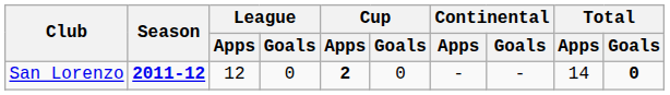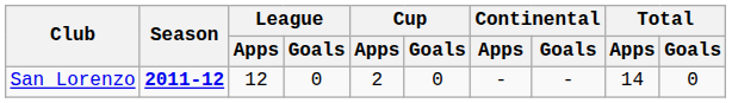 <table class="wikitable" style="font-size:95%; text-align: center;">
 <tr>
 <th rowspan="2">Club</th>
 <th rowspan="2">Season</th>
 <th colspan="2">League</th>
 <th colspan="2">Cup</th>
 <th colspan="2">Continental</th>
 <th colspan="2">Total</th>
 </tr>
 <tr>
 <th>Apps</th>
 <th>Goals</th>
 <th>Apps</th>
 <th>Goals</th>
 <th>Apps</th>
 <th>Goals</th>
 <th>Apps</th>
 <th>Goals</th>
 </tr>
 <tr>
 <td rowspan="3"><a href='#'>San Lorenzo</a></td>
 <td><strong><a href='#'>2011-12</a></strong></td>
 <td>12</td>
 <td>0</td>
-<td><strong>2</strong></td>
+<td>2</td>
 <td>0</td>
 <td>-</td>
 <td>-</td>
 <td>14</td>
-<td><strong>0</strong></td>
+<td>0</td>
 </tr>
 </table>
